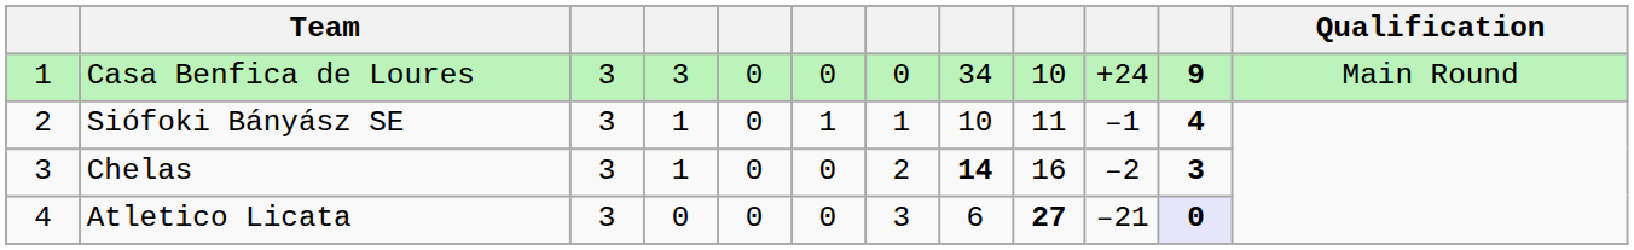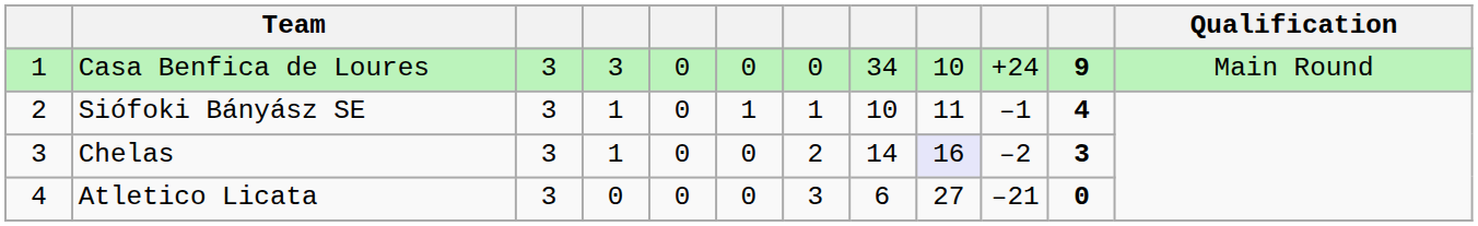 <table class="wikitable" style="font-size: 95%">
 <tr>
 <th width="25"></th>
 <th width="200">Team</th>
 <th width="25"></th>
 <th width="25"></th>
 <th width="25"></th>
 <th width="25"></th>
 <th width="25"></th>
 <th width="25"></th>
 <th width="25"></th>
 <th width="25"></th>
 <th width="25"></th>
 <th width="160">Qualification</th>
 </tr>
 <tr align=center bgcolor=#bbf3bb>
 <td>1</td>
 <td align=left> Casa Benfica de Loures</td>
 <td>3</td>
 <td>3</td>
 <td>0</td>
 <td>0</td>
 <td>0</td>
 <td>34</td>
 <td>10</td>
 <td>+24</td>
 <td><strong>9</strong></td>
 <td>Main Round</td>
 </tr>
 <tr align=center>
 <td>2</td>
 <td align=left> Siófoki Bányász SE</td>
 <td>3</td>
 <td>1</td>
 <td>0</td>
 <td>1</td>
 <td>1</td>
 <td>10</td>
 <td>11</td>
 <td>–1</td>
 <td><strong>4</strong></td>
 <td rowspan=3></td>
 </tr>
 <tr align=center>
 <td>3</td>
 <td align=left> Chelas</td>
 <td>3</td>
 <td>1</td>
 <td>0</td>
 <td>0</td>
 <td>2</td>
-<td><strong>14</strong></td>
-<td>16</td>
+<td>14</td>
+<td style="background: lavender;">16</td>
 <td>–2</td>
 <td><strong>3</strong></td>
 </tr>
 <tr align=center>
 <td>4</td>
 <td align=left> Atletico Licata</td>
 <td>3</td>
 <td>0</td>
 <td>0</td>
 <td>0</td>
 <td>3</td>
 <td>6</td>
-<td><strong>27</strong></td>
+<td>27</td>
 <td>–21</td>
-<td style="background: lavender;"><strong>0</strong></td>
+<td><strong>0</strong></td>
 </tr>
 </table>
